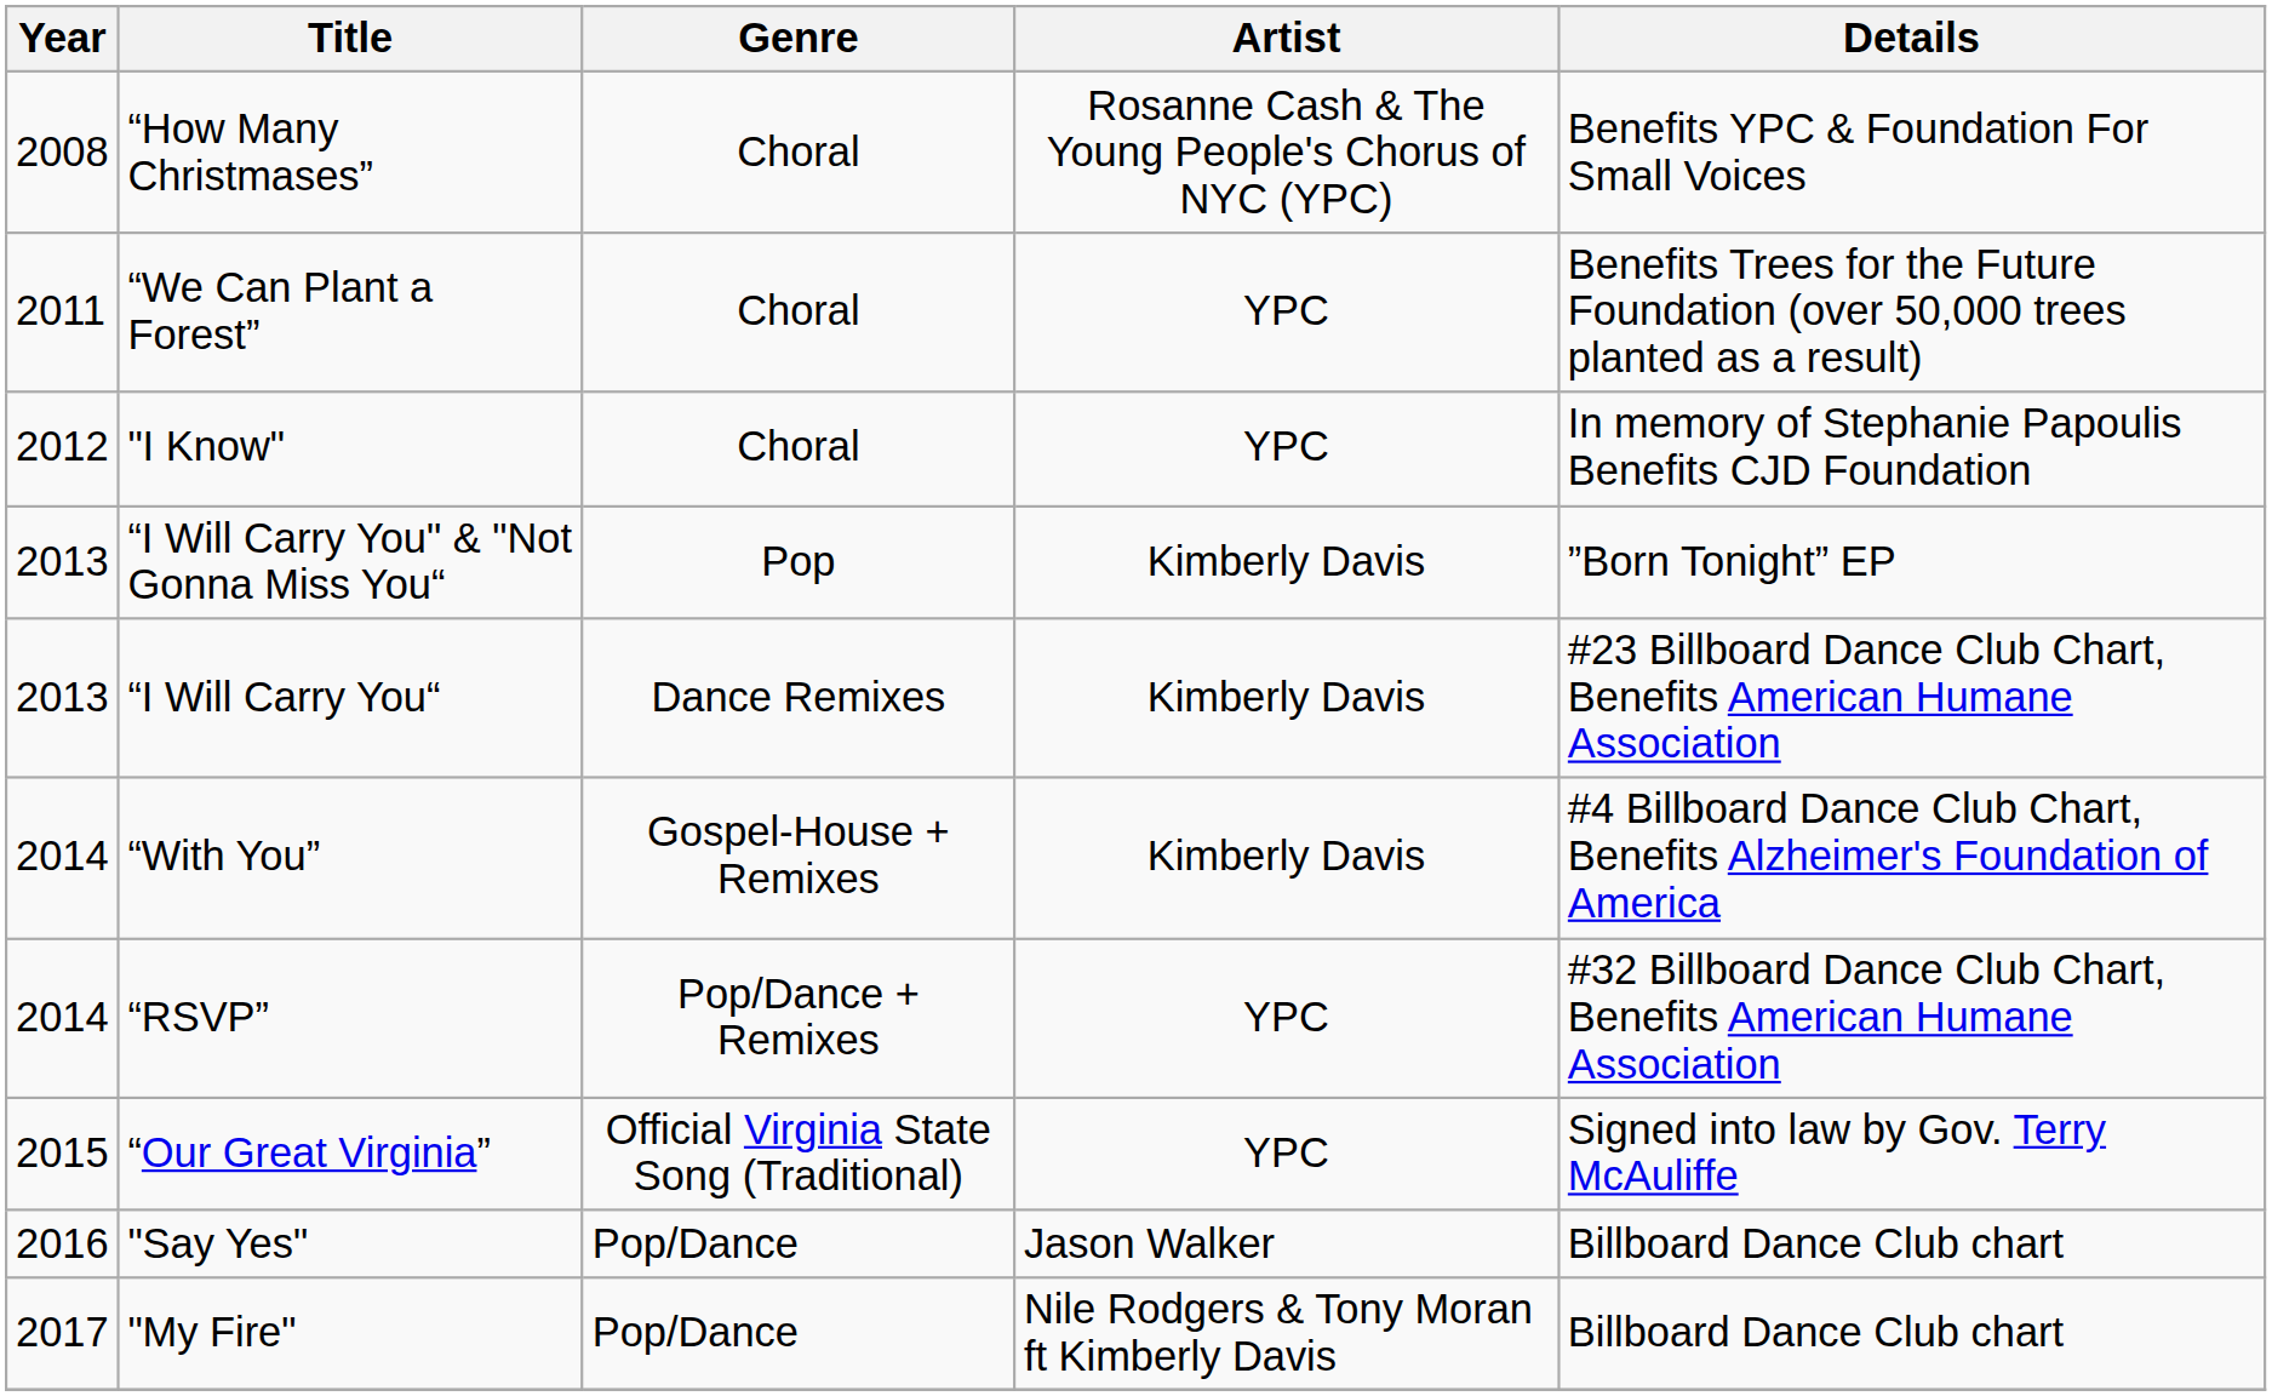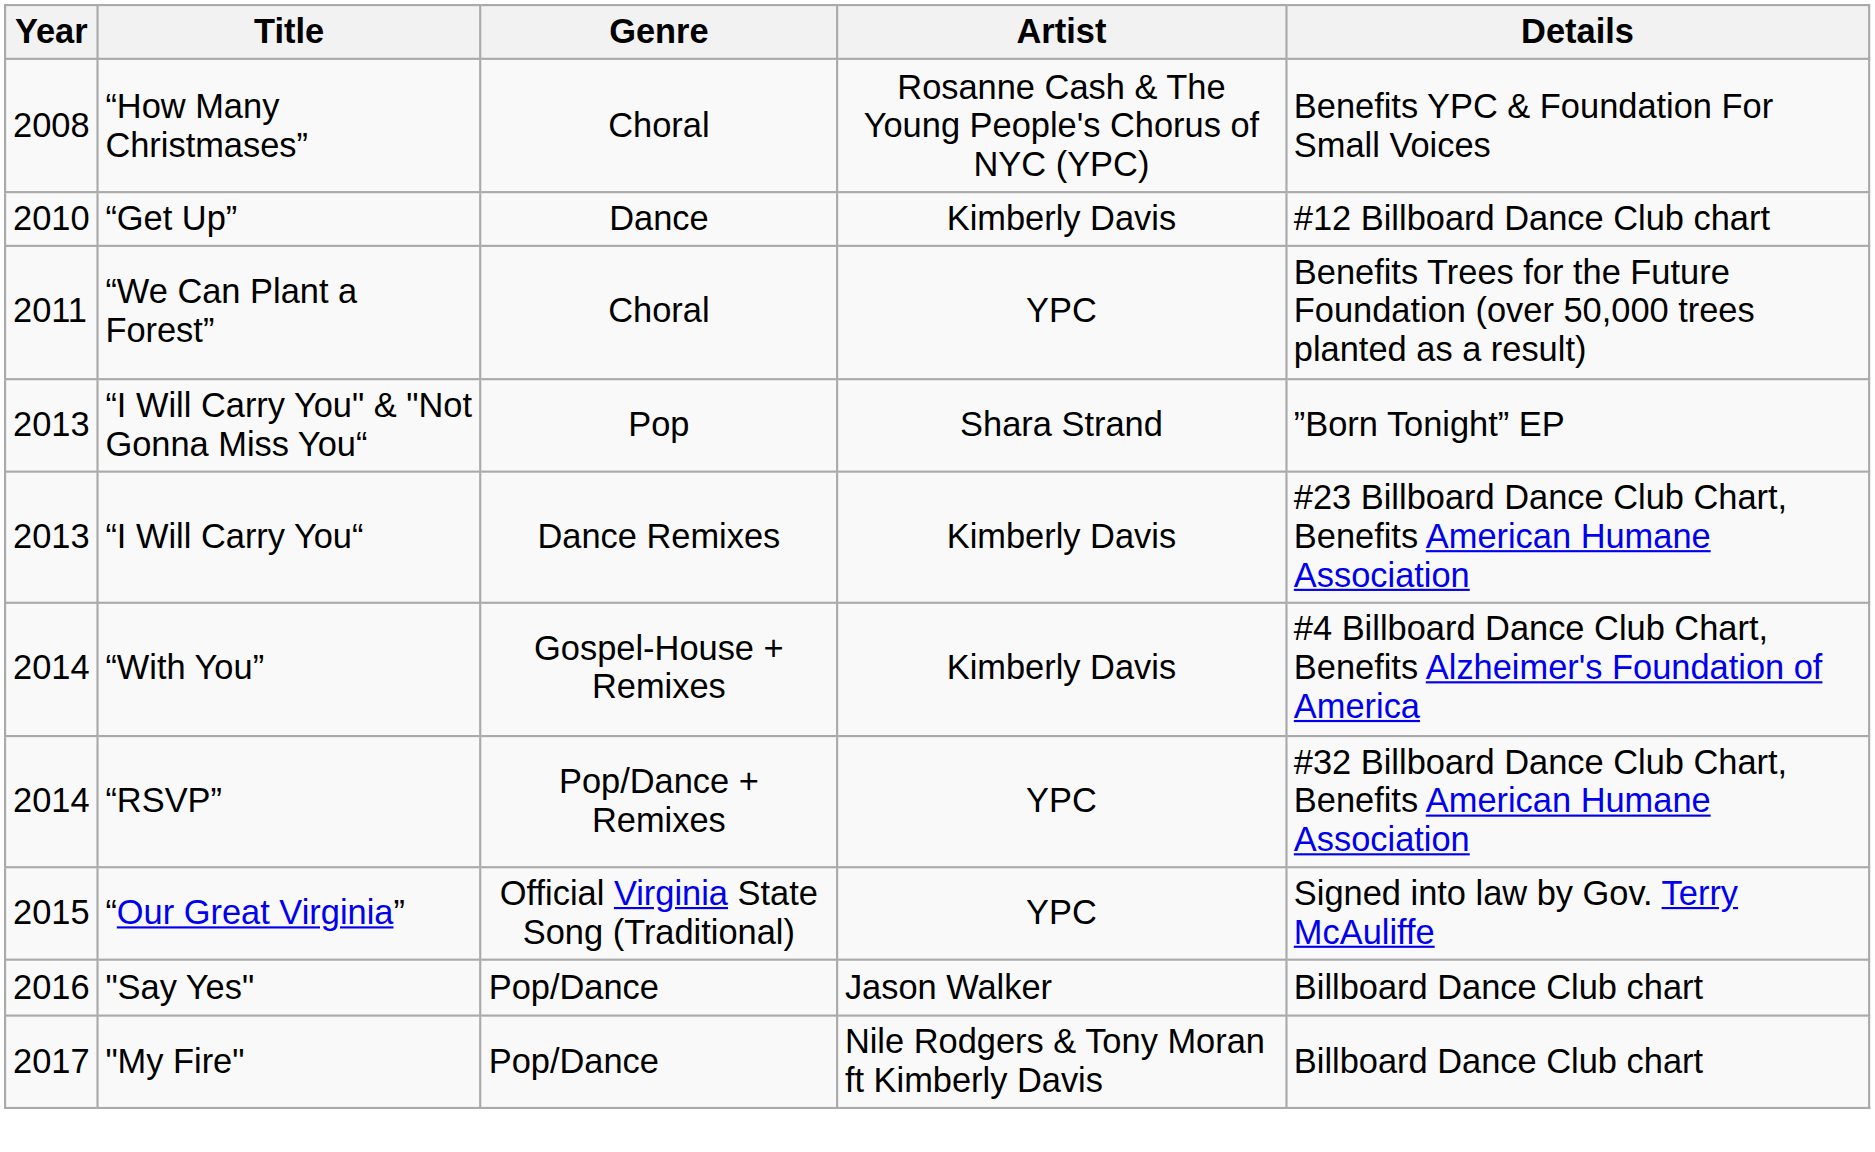 <table class="wikitable">
 <tr>
 <th>Year</th>
 <th>Title</th>
 <th>Genre</th>
 <th>Artist</th>
 <th>Details</th>
 </tr>
 <tr>
 <td>2008</td>
 <td>“How Many Christmases”</td>
 <td align="center">Choral</td>
 <td align="center">Rosanne Cash & The Young People's Chorus of NYC (YPC)</td>
 <td>Benefits YPC & Foundation For Small Voices</td>
 </tr>
 <tr>
+<td>2010</td>
+<td>“Get Up”</td>
+<td align="center">Dance</td>
+<td align="center">Kimberly Davis</td>
+<td>#12 Billboard Dance Club chart</td>
+</tr>
+<tr>
 <td>2011</td>
 <td>“We Can Plant a Forest”</td>
 <td align="center">Choral</td>
 <td align="center">YPC</td>
 <td>Benefits Trees for the Future Foundation (over 50,000 trees planted as a result)</td>
 </tr>
 <tr>
-<td>2012</td>
-<td>"I Know"</td>
-<td align="center">Choral</td>
-<td align="center">YPC</td>
-<td>In memory of Stephanie Papoulis Benefits CJD Foundation</td>
-</tr>
-<tr>
 <td>2013</td>
 <td>“I Will Carry You" & "Not Gonna Miss You“</td>
 <td align="center">Pop</td>
-<td align="center">Kimberly Davis</td>
+<td align="center">Shara Strand</td>
 <td align="center”">”Born Tonight” EP</td>
 </tr>
 <tr>
 <td>2013</td>
 <td>“I Will Carry You“</td>
 <td align="center">Dance Remixes</td>
 <td align="center">Kimberly Davis</td>
 <td>#23 Billboard Dance Club Chart, Benefits <a href='#'>American Humane Association</a></td>
 </tr>
 <tr>
 <td>2014</td>
 <td>“With You”</td>
 <td align="center">Gospel-House + Remixes</td>
 <td align="center">Kimberly Davis</td>
 <td>#4 Billboard Dance Club Chart, Benefits <a href='#'>Alzheimer's Foundation of America</a></td>
 </tr>
 <tr>
 <td>2014</td>
 <td>“RSVP”</td>
 <td align="center">Pop/Dance + Remixes</td>
 <td align="center">YPC</td>
 <td>#32 Billboard Dance Club Chart, Benefits <a href='#'>American Humane Association</a></td>
 </tr>
 <tr>
 <td>2015</td>
 <td>“<a href='#'>Our Great Virginia</a>”</td>
 <td align="center">Official <a href='#'>Virginia</a> State Song (Traditional)</td>
 <td align="center">YPC</td>
 <td>Signed into law by Gov. <a href='#'>Terry McAuliffe</a></td>
 </tr>
 <tr>
 <td>2016</td>
 <td>"Say Yes"</td>
 <td>Pop/Dance</td>
 <td>Jason Walker</td>
 <td>Billboard Dance Club chart</td>
 </tr>
 <tr>
 <td>2017</td>
 <td>"My Fire"</td>
 <td>Pop/Dance</td>
 <td>Nile Rodgers & Tony Moran ft     Kimberly Davis</td>
 <td>Billboard Dance Club chart</td>
 </tr>
 <tr>
 </tr>
 </table>
